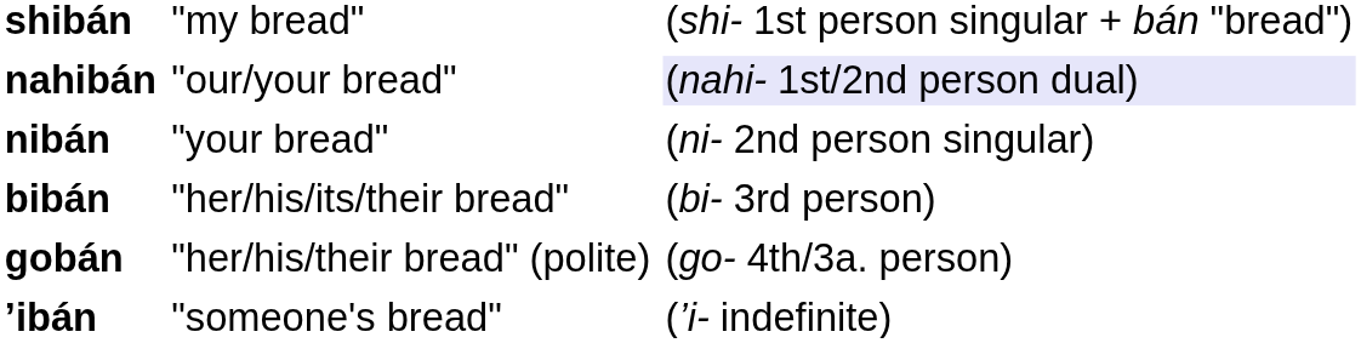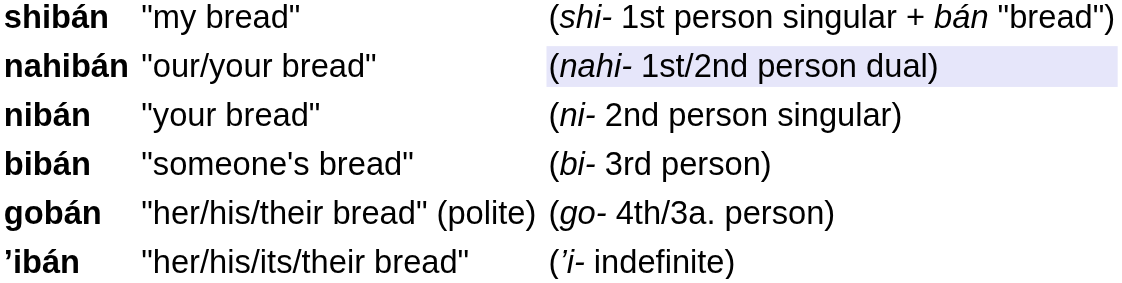 <table cellspacing="4" style="margin-left:1em">
 <tr>
 <td><strong>shibán</strong></td>
 <td>"my bread"</td>
 <td>(<em>shi-</em> 1st person singular + <em>bán</em> "bread")</td>
 </tr>
 <tr>
 <td><strong>nahibán</strong></td>
 <td>"our/your bread"</td>
 <td style="background: lavender;">(<em>nahi-</em> 1st/2nd person dual)</td>
 </tr>
 <tr>
 <td><strong>nibán</strong></td>
 <td>"your bread"</td>
 <td>(<em>ni-</em> 2nd person singular)</td>
 </tr>
 <tr>
 <td><strong>bibán</strong></td>
-<td>"her/his/its/their bread"</td>
+<td>"someone's bread"</td>
 <td>(<em>bi-</em> 3rd person)</td>
 </tr>
 <tr>
 <td><strong>gobán</strong></td>
 <td>"her/his/their bread" (polite)</td>
 <td>(<em>go-</em> 4th/3a. person)</td>
 </tr>
 <tr>
 <td><strong>’ibán</strong></td>
-<td>"someone's bread"</td>
+<td>"her/his/its/their bread"</td>
 <td>(<em>’i-</em> indefinite)</td>
 </tr>
 </table>
